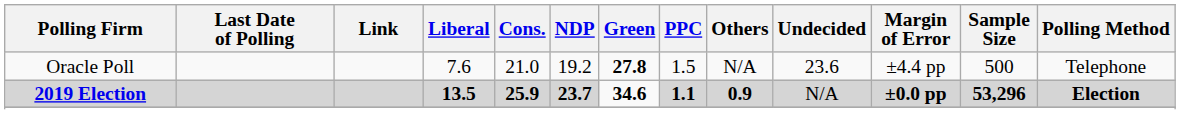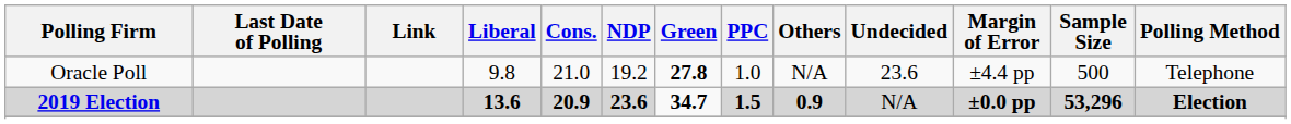 <table class="wikitable sortable" style="text-align:center;font-size:90%;line-height:14px;">
 <tr style="background:#e9e9e9;">
 <th style="width:120px">Polling Firm</th>
 <th style="width:110px">Last Date<br>of Polling</th>
 <th style="width:60px" class="unsortable">Link</th>
 <th style="background-color:"><a href='#'>Liberal</a></th>
 <th style="background-color:"><a href='#'>Cons.</a></th>
 <th style="background-color:"><a href='#'>NDP</a></th>
 <th style="background-color:"><a href='#'>Green</a></th>
 <th style="background-color:"><a href='#'><span>PPC</span></a></th>
 <th style="background-color:">Others</th>
 <th style="background-color:">Undecided</th>
 <th style="width:60px;" class=unsortable>Margin<br>of Error</th>
 <th style="width:50px;" class=unsortable>Sample<br>Size</th>
 <th class=unsortable>Polling Method</th>
 </tr>
 <tr>
 <td>Oracle Poll</td>
 <td></td>
 <td></td>
-<td>7.6</td>
+<td>9.8</td>
 <td>21.0</td>
 <td>19.2</td>
 <td><strong>27.8</strong></td>
-<td>1.5</td>
+<td>1.0</td>
 <td>N/A</td>
 <td>23.6</td>
 <td>±4.4 pp</td>
 <td>500</td>
 <td>Telephone</td>
 </tr>
 <tr>
 <td style="background:#D5D5D5"><strong><a href='#'>2019 Election</a></strong></td>
 <td style="background:#D5D5D5"><strong></strong></td>
 <td style="background:#D5D5D5"></td>
-<td style="background:#D5D5D5"><strong>13.5</strong></td>
-<td style="background:#D5D5D5"><strong>25.9</strong></td>
-<td style="background:#D5D5D5"><strong>23.7</strong></td>
-<td><strong>34.6</strong></td>
-<td style="background:#D5D5D5"><strong>1.1</strong></td>
+<td style="background:#D5D5D5"><strong>13.6</strong></td>
+<td style="background:#D5D5D5"><strong>20.9</strong></td>
+<td style="background:#D5D5D5"><strong>23.6</strong></td>
+<td><strong>34.7</strong></td>
+<td style="background:#D5D5D5"><strong>1.5</strong></td>
 <td style="background:#D5D5D5"><strong>0.9</strong></td>
 <td style="background:#D5D5D5">N/A</td>
 <td style="background:#D5D5D5"><strong>±0.0 pp</strong></td>
 <td style="background:#D5D5D5"><strong>53,296</strong></td>
 <td style="background:#D5D5D5"><strong>Election</strong></td>
 </tr>
 <tr>
 </tr>
 <tr>
 </tr>
 </table>
